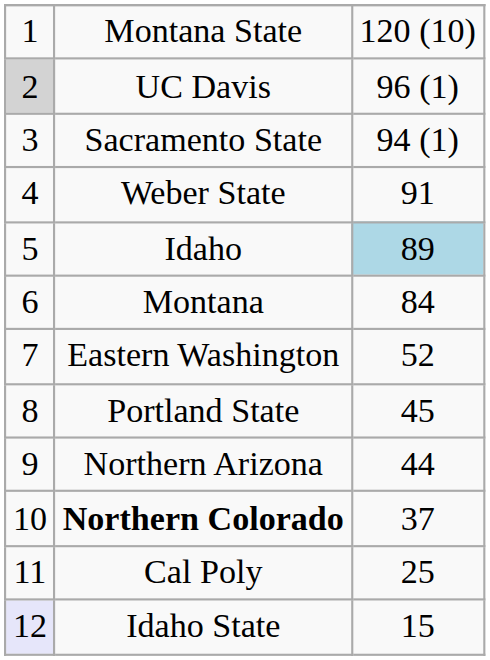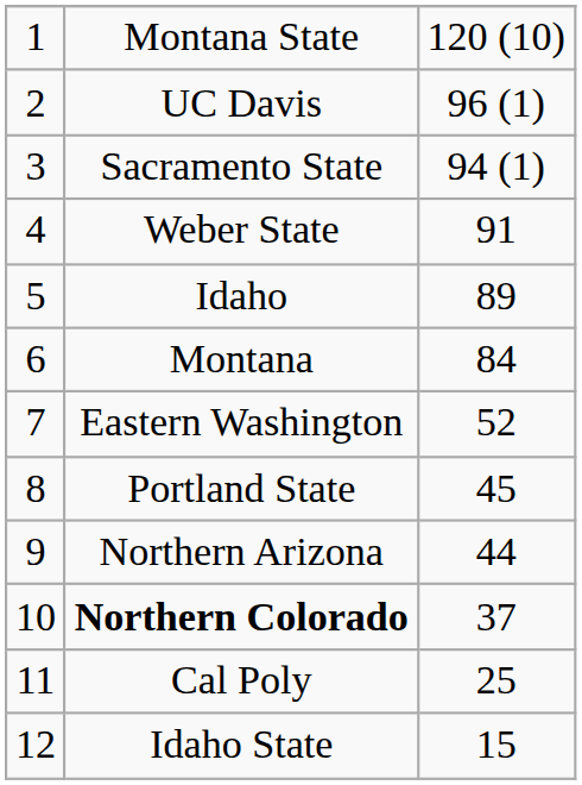 <table class="wikitable" style="display: inline-table;">
 <tr align="center">
 </tr>
 <tr align="center">
 <td>1</td>
 <td>Montana State</td>
 <td>120 (10)</td>
 </tr>
 <tr align="center">
-<td style="background: lightgrey;">2</td>
+<td>2</td>
 <td>UC Davis</td>
 <td>96 (1)</td>
 </tr>
 <tr align="center">
 <td>3</td>
 <td>Sacramento State</td>
 <td>94 (1)</td>
 </tr>
 <tr align="center">
 <td>4</td>
 <td>Weber State</td>
 <td>91</td>
 </tr>
 <tr align="center">
 <td>5</td>
 <td>Idaho</td>
-<td style="background: lightblue;">89</td>
+<td>89</td>
 </tr>
 <tr align="center">
 <td>6</td>
 <td>Montana</td>
 <td>84</td>
 </tr>
 <tr align="center">
 <td>7</td>
 <td>Eastern Washington</td>
 <td>52</td>
 </tr>
 <tr align="center">
 <td>8</td>
 <td>Portland State</td>
 <td>45</td>
 </tr>
 <tr align="center">
 <td>9</td>
 <td>Northern Arizona</td>
 <td>44</td>
 </tr>
 <tr align="center">
 <td>10</td>
 <td><strong>Northern Colorado</strong></td>
 <td>37</td>
 </tr>
 <tr align="center">
 <td>11</td>
 <td>Cal Poly</td>
 <td>25</td>
 </tr>
 <tr align="center">
-<td style="background: lavender;">12</td>
+<td>12</td>
 <td>Idaho State</td>
 <td>15</td>
 </tr>
 </table>
